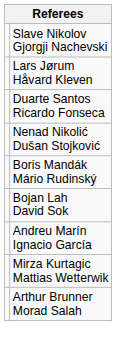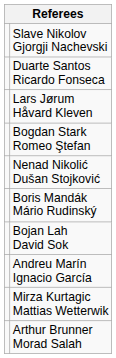 <table class="wikitable" style="display:inline-table;">
 <tr>
 <th colspan=2>Referees</th>
 </tr>
 <tr>
 <td></td>
 <td>Slave Nikolov<br>Gjorgji Nachevski</td>
 </tr>
 <tr>
 <td></td>
+<td>Duarte Santos<br>Ricardo Fonseca</td>
+</tr>
+<tr>
+<td></td>
 <td>Lars Jørum<br>Håvard Kleven</td>
 </tr>
 <tr>
 <td></td>
-<td>Duarte Santos<br>Ricardo Fonseca</td>
+<td>Bogdan Stark<br>Romeo Ştefan</td>
 </tr>
 <tr>
 <td></td>
 <td>Nenad Nikolić<br>Dušan Stojković</td>
 </tr>
 <tr>
 <td></td>
 <td>Boris Mandák<br>Mário Rudinský</td>
 </tr>
 <tr>
 <td></td>
 <td>Bojan Lah<br>David Sok</td>
 </tr>
 <tr>
 <td></td>
 <td>Andreu Marín<br>Ignacio García</td>
 </tr>
 <tr>
 <td></td>
 <td>Mirza Kurtagic<br>Mattias Wetterwik</td>
 </tr>
 <tr>
 <td></td>
 <td>Arthur Brunner<br>Morad Salah</td>
 </tr>
 </table>
